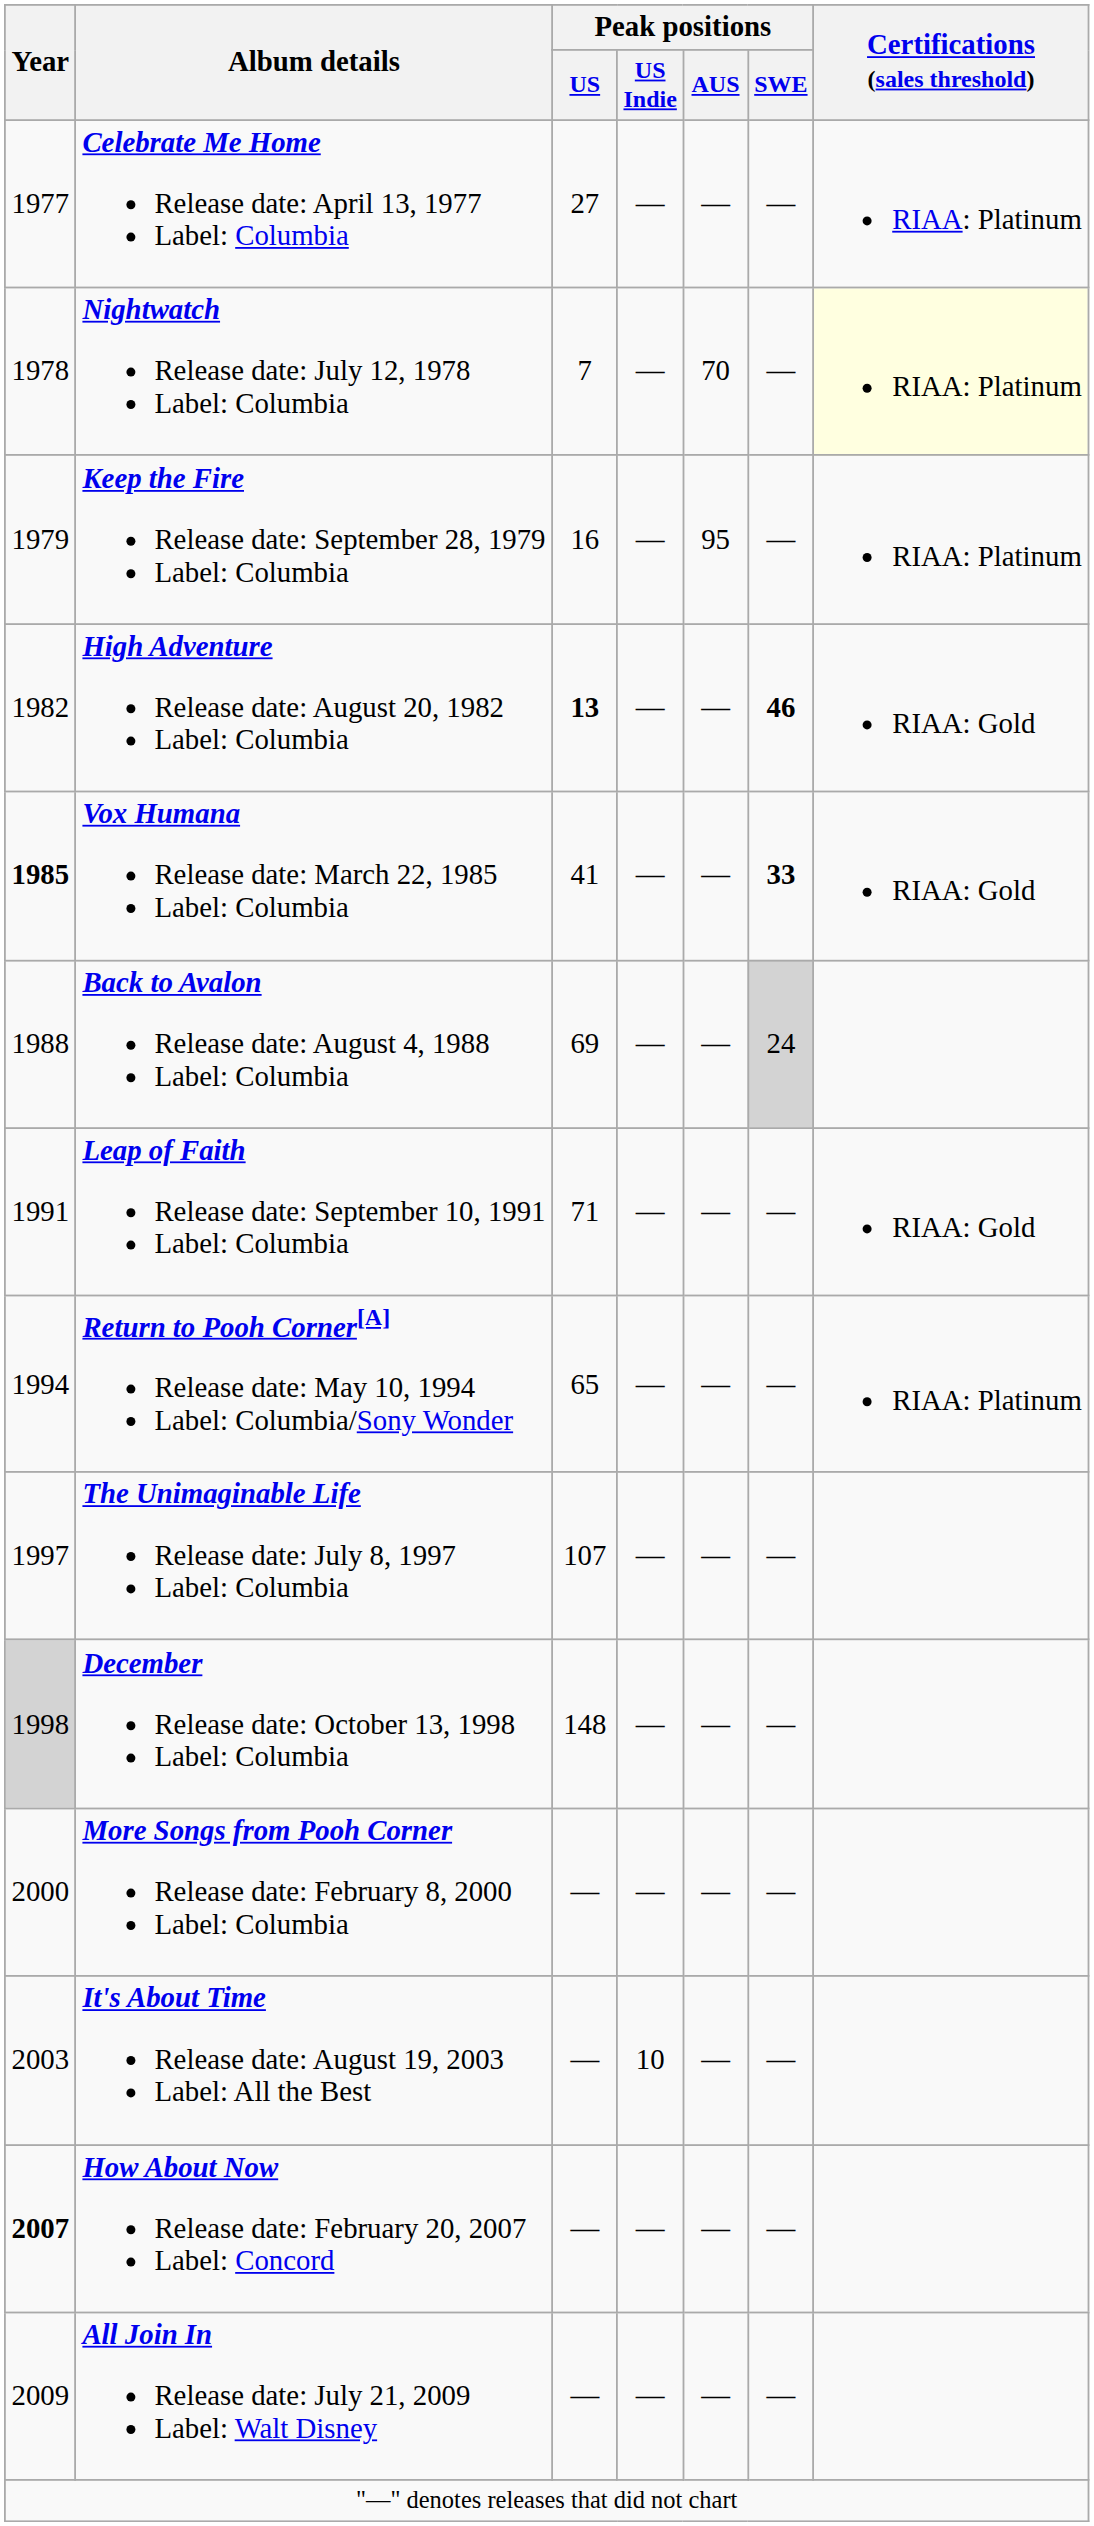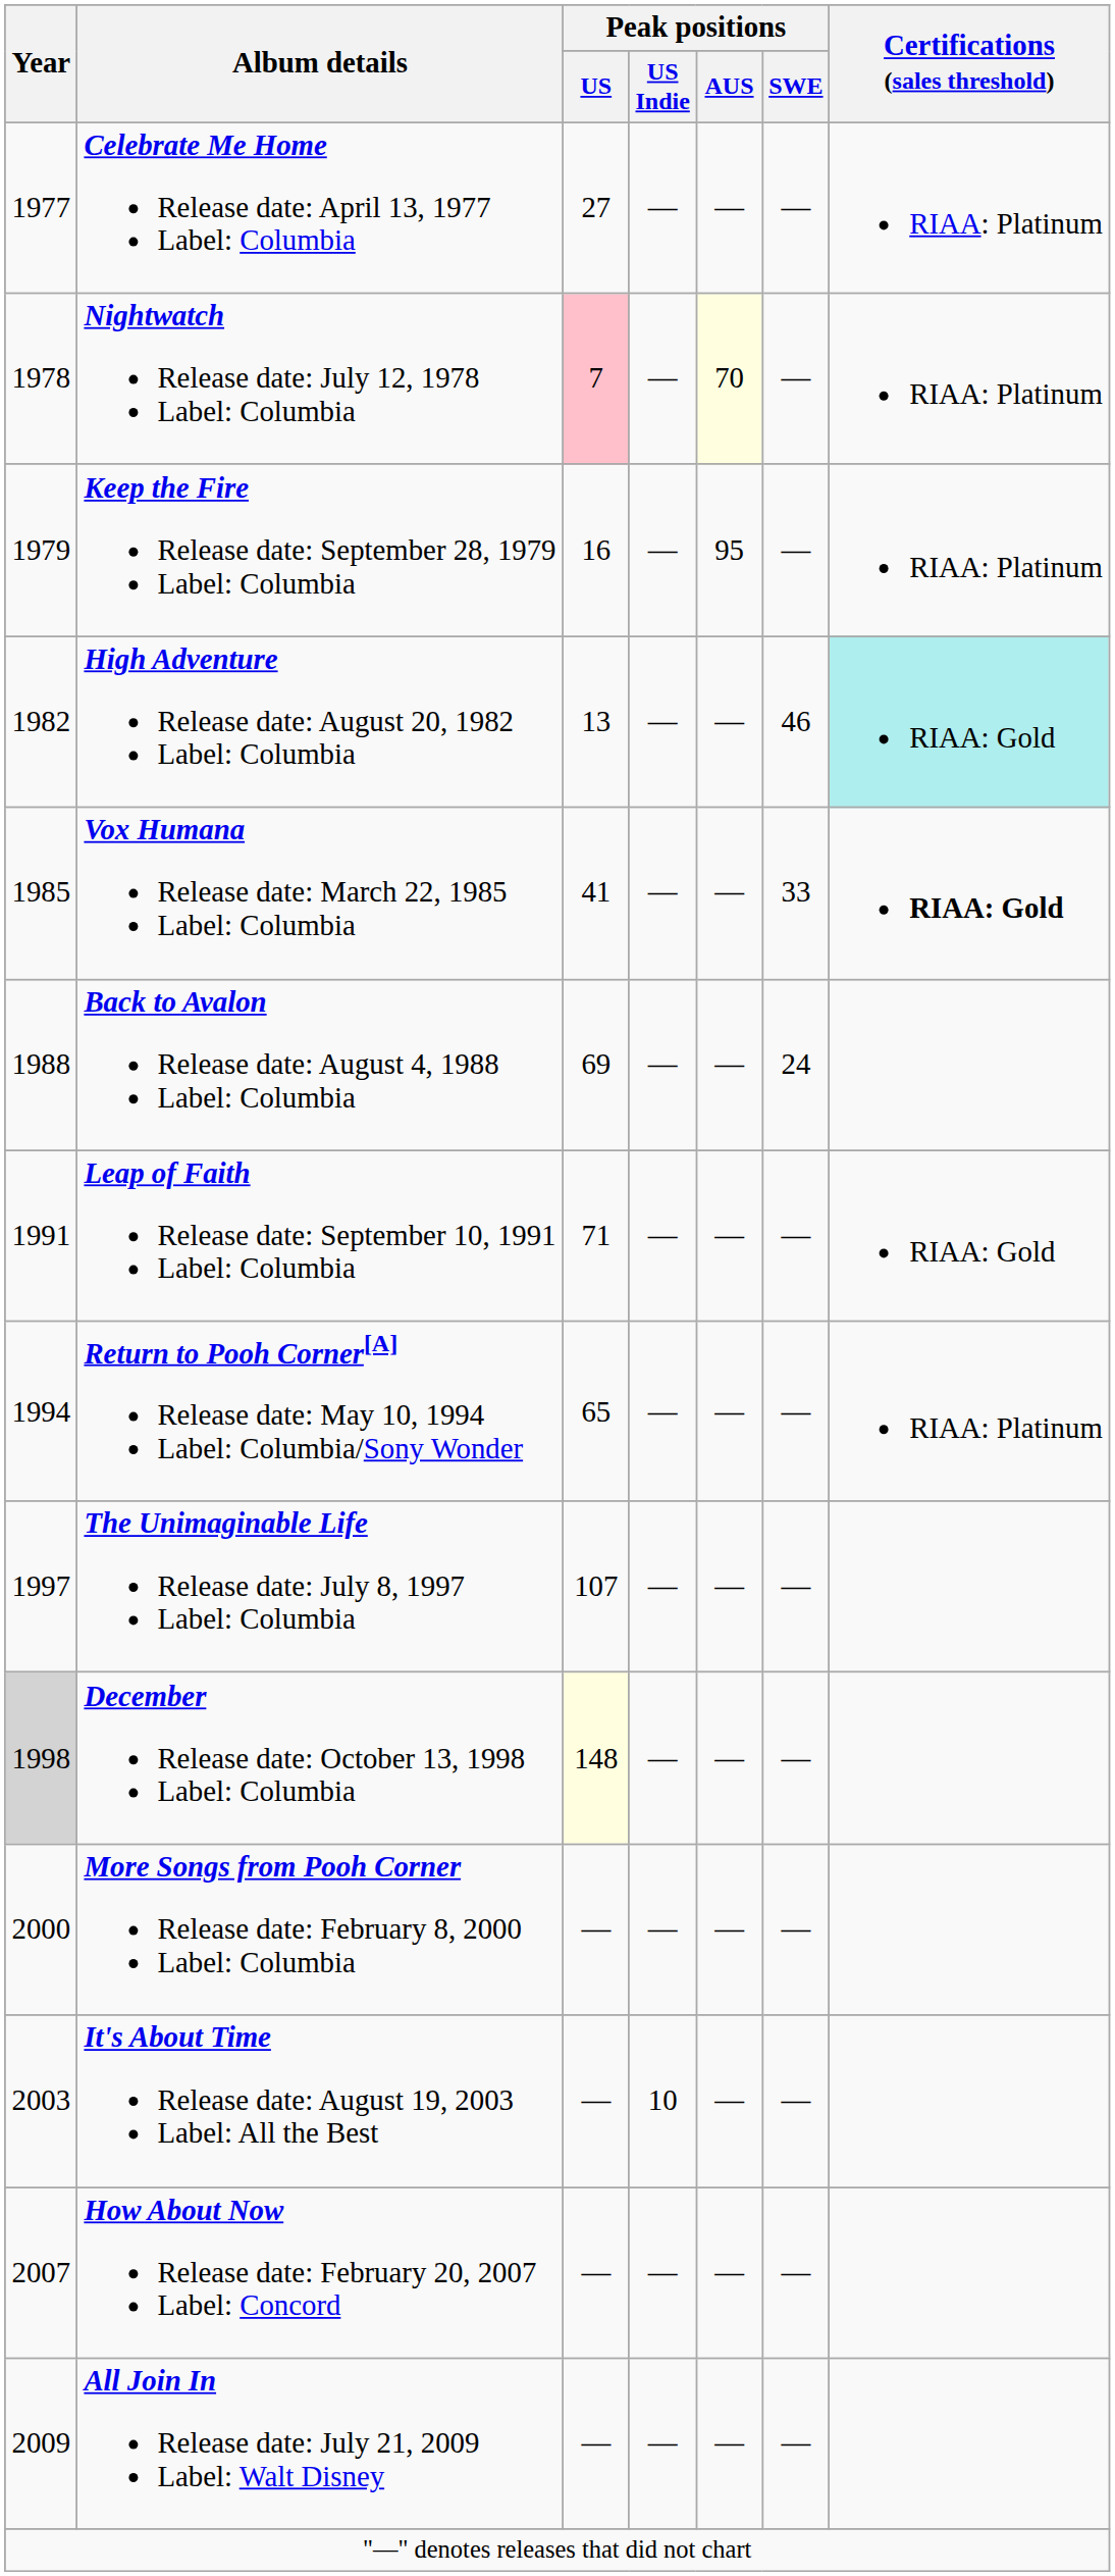 <table class="wikitable" style="text-align:center;">
 <tr>
 <th rowspan="2">Year</th>
 <th rowspan="2">Album details</th>
 <th colspan="4">Peak positions</th>
 <th rowspan="2"><a href='#'>Certifications</a><br><small>(<a href='#'>sales threshold</a>)</small></th>
 </tr>
 <tr style="font-size:smaller;">
 <th width="30"><a href='#'>US</a><br></th>
 <th width="30"><a href='#'>US Indie</a><br></th>
 <th width="30"><a href='#'>AUS</a><br></th>
 <th width="30"><a href='#'>SWE</a><br></th>
 </tr>
 <tr>
 <td>1977</td>
 <td align="left"><strong><em><a href='#'>Celebrate Me Home</a></em></strong><br><ul><li>Release date: April 13, 1977</li><li>Label: <a href='#'>Columbia</a></li></ul></td>
 <td>27</td>
 <td>—</td>
 <td>—</td>
 <td>—</td>
 <td align="left"><br><ul><li><a href='#'>RIAA</a>: Platinum</li></ul></td>
 </tr>
 <tr>
 <td>1978</td>
 <td align="left"><strong><em><a href='#'>Nightwatch</a></em></strong><br><ul><li>Release date: July 12, 1978</li><li>Label: Columbia</li></ul></td>
-<td>7</td>
+<td style="background: pink;">7</td>
 <td>—</td>
-<td>70</td>
+<td style="background: lightyellow;">70</td>
 <td>—</td>
-<td align="left" style="background: lightyellow;"><br><ul><li>RIAA: Platinum</li></ul></td>
+<td align="left"><br><ul><li>RIAA: Platinum</li></ul></td>
 </tr>
 <tr>
 <td>1979</td>
 <td align="left"><strong><em><a href='#'>Keep the Fire</a></em></strong><br><ul><li>Release date: September 28, 1979</li><li>Label: Columbia</li></ul></td>
 <td>16</td>
 <td>—</td>
 <td>95</td>
 <td>—</td>
 <td align="left"><br><ul><li>RIAA: Platinum</li></ul></td>
 </tr>
 <tr>
 <td>1982</td>
 <td align="left"><strong><em><a href='#'>High Adventure</a></em></strong><br><ul><li>Release date: August 20, 1982</li><li>Label: Columbia</li></ul></td>
-<td><strong>13</strong></td>
+<td>13</td>
 <td>—</td>
 <td>—</td>
-<td><strong>46</strong></td>
-<td align="left"><br><ul><li>RIAA: Gold</li></ul></td>
+<td>46</td>
+<td align="left" style="background: paleturquoise;"><br><ul><li>RIAA: Gold</li></ul></td>
 </tr>
 <tr>
-<td><strong>1985</strong></td>
+<td>1985</td>
 <td align="left"><strong><em><a href='#'>Vox Humana</a></em></strong><br><ul><li>Release date: March 22, 1985</li><li>Label: Columbia</li></ul></td>
 <td>41</td>
 <td>—</td>
 <td>—</td>
-<td><strong>33</strong></td>
-<td align="left"><br><ul><li>RIAA: Gold</li></ul></td>
+<td>33</td>
+<td align="left"><strong><br><ul><li>RIAA: Gold</li></ul></strong></td>
 </tr>
 <tr>
 <td>1988</td>
 <td align="left"><strong><em><a href='#'>Back to Avalon</a></em></strong><br><ul><li>Release date: August 4, 1988</li><li>Label: Columbia</li></ul></td>
 <td>69</td>
 <td>—</td>
 <td>—</td>
-<td style="background: lightgrey;">24</td>
+<td>24</td>
 <td></td>
 </tr>
 <tr>
 <td>1991</td>
 <td align="left"><strong><em><a href='#'>Leap of Faith</a></em></strong><br><ul><li>Release date: September 10, 1991</li><li>Label: Columbia</li></ul></td>
 <td>71</td>
 <td>—</td>
 <td>—</td>
 <td>—</td>
 <td align="left"><br><ul><li>RIAA: Gold</li></ul></td>
 </tr>
 <tr>
 <td>1994</td>
 <td align="left"><strong><em><a href='#'>Return to Pooh Corner</a></em></strong><sup><span></span><a href='#'><strong>[A]</strong></a></sup><br><ul><li>Release date: May 10, 1994</li><li>Label: Columbia/<a href='#'>Sony Wonder</a></li></ul></td>
 <td>65</td>
 <td>—</td>
 <td>—</td>
 <td>—</td>
 <td align="left"><br><ul><li>RIAA: Platinum</li></ul></td>
 </tr>
 <tr>
 <td>1997</td>
 <td align="left"><strong><em><a href='#'>The Unimaginable Life</a></em></strong><br><ul><li>Release date: July 8, 1997</li><li>Label: Columbia</li></ul></td>
 <td>107</td>
 <td>—</td>
 <td>—</td>
 <td>—</td>
 <td></td>
 </tr>
 <tr>
 <td style="background: lightgrey;">1998</td>
 <td align="left"><strong><em><a href='#'>December</a></em></strong><br><ul><li>Release date: October 13, 1998</li><li>Label: Columbia</li></ul></td>
-<td>148</td>
+<td style="background: lightyellow;">148</td>
 <td>—</td>
 <td>—</td>
 <td>—</td>
 <td></td>
 </tr>
 <tr>
 <td>2000</td>
 <td align="left"><strong><em><a href='#'>More Songs from Pooh Corner</a></em></strong><br><ul><li>Release date: February 8, 2000</li><li>Label: Columbia</li></ul></td>
 <td>—</td>
 <td>—</td>
 <td>—</td>
 <td>—</td>
 <td></td>
 </tr>
 <tr>
 <td>2003</td>
 <td align="left"><strong><em><a href='#'>It's About Time</a></em></strong><br><ul><li>Release date: August 19, 2003</li><li>Label: All the Best</li></ul></td>
 <td>—</td>
 <td>10</td>
 <td>—</td>
 <td>—</td>
 <td></td>
 </tr>
 <tr>
-<td><strong>2007</strong></td>
+<td>2007</td>
 <td align="left"><strong><em><a href='#'>How About Now</a></em></strong><br><ul><li>Release date: February 20, 2007</li><li>Label: <a href='#'>Concord</a></li></ul></td>
 <td>—</td>
 <td>—</td>
 <td>—</td>
 <td>—</td>
 </tr>
 <tr>
 <td>2009</td>
 <td align="left"><strong><em><a href='#'>All Join In</a></em></strong><br><ul><li>Release date: July 21, 2009</li><li>Label: <a href='#'>Walt Disney</a></li></ul></td>
 <td>—</td>
 <td>—</td>
 <td>—</td>
 <td>—</td>
 <td></td>
 </tr>
 <tr>
 <td colspan="10" style="font-size:85%">"—" denotes releases that did not chart</td>
 </tr>
 </table>
